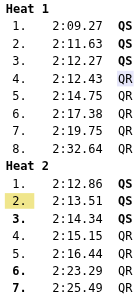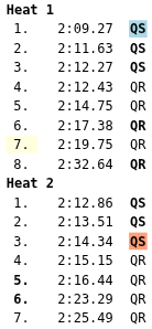 <table style="text-align:center">
 <tr>
 <td colspan=4 align=left><strong>Heat 1</strong></td>
 </tr>
 <tr>
 <td width=30>1.</td>
 <td align=left></td>
 <td width=80>2:09.27</td>
-<td><strong>QS</strong></td>
+<td style="background: lightblue;"><strong>QS</strong></td>
 </tr>
 <tr>
 <td>2.</td>
 <td align=left></td>
 <td>2:11.63</td>
 <td><strong>QS</strong></td>
 </tr>
 <tr>
 <td>3.</td>
 <td align=left></td>
 <td>2:12.27</td>
 <td><strong>QS</strong></td>
 </tr>
 <tr>
 <td>4.</td>
 <td align=left></td>
 <td>2:12.43</td>
-<td style="background: lavender;">QR</td>
+<td>QR</td>
 </tr>
 <tr>
 <td>5.</td>
 <td align=left></td>
 <td>2:14.75</td>
 <td>QR</td>
 </tr>
 <tr>
 <td>6.</td>
 <td align=left></td>
 <td>2:17.38</td>
-<td>QR</td>
+<td><strong>QR</strong></td>
 </tr>
 <tr>
-<td>7.</td>
+<td style="background: lightyellow;">7.</td>
 <td align=left></td>
 <td>2:19.75</td>
 <td>QR</td>
 </tr>
 <tr>
 <td>8.</td>
 <td align=left></td>
 <td>2:32.64</td>
-<td>QR</td>
+<td><strong>QR</strong></td>
 </tr>
 <tr>
 <td colspan=4 align=left><strong>Heat 2</strong></td>
 </tr>
 <tr>
 <td>1.</td>
 <td align=left></td>
 <td>2:12.86</td>
 <td><strong>QS</strong></td>
 </tr>
 <tr>
-<td style="background: khaki;">2.</td>
+<td>2.</td>
 <td align=left></td>
 <td>2:13.51</td>
 <td><strong>QS</strong></td>
 </tr>
 <tr>
-<td><strong>3.</strong></td>
+<td>3.</td>
 <td align=left></td>
 <td>2:14.34</td>
-<td><strong>QS</strong></td>
+<td style="background: lightsalmon;"><strong>QS</strong></td>
 </tr>
 <tr>
 <td>4.</td>
 <td align=left></td>
 <td>2:15.15</td>
 <td>QR</td>
 </tr>
 <tr>
-<td>5.</td>
+<td><strong>5.</strong></td>
 <td align=left></td>
 <td>2:16.44</td>
 <td>QR</td>
 </tr>
 <tr>
 <td><strong>6.</strong></td>
 <td align=left></td>
 <td>2:23.29</td>
 <td>QR</td>
 </tr>
 <tr>
-<td><strong>7.</strong></td>
+<td>7.</td>
 <td align=left></td>
 <td>2:25.49</td>
 <td>QR</td>
 </tr>
 </table>
